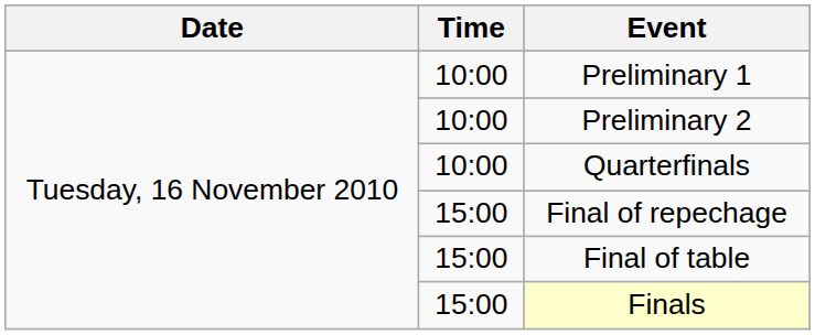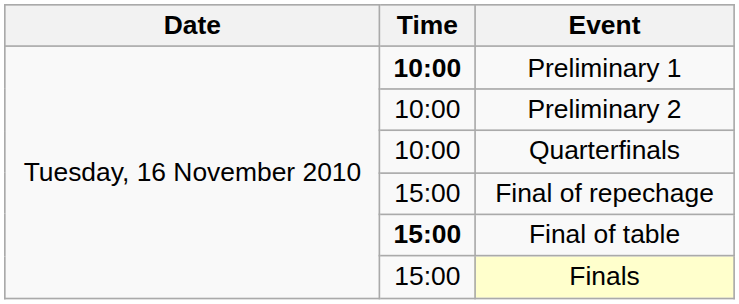 <table class = "wikitable" style="text-align:center;">
 <tr>
 <th width=220>Date</th>
 <th width=50>Time</th>
 <th width=150>Event</th>
 </tr>
 <tr>
 <td rowspan=6>Tuesday, 16 November 2010</td>
-<td>10:00</td>
+<td><strong>10:00</strong></td>
 <td>Preliminary 1</td>
 </tr>
 <tr>
 <td>10:00</td>
 <td>Preliminary 2</td>
 </tr>
 <tr>
 <td>10:00</td>
 <td>Quarterfinals</td>
 </tr>
 <tr>
 <td>15:00</td>
 <td>Final of repechage</td>
 </tr>
 <tr>
-<td>15:00</td>
+<td><strong>15:00</strong></td>
 <td>Final of table</td>
 </tr>
 <tr>
 <td>15:00</td>
 <td bgcolor=ffffcc>Finals</td>
 </tr>
 </table>
